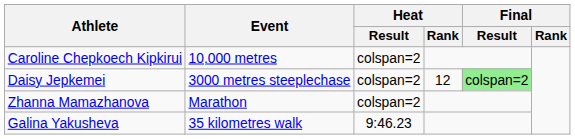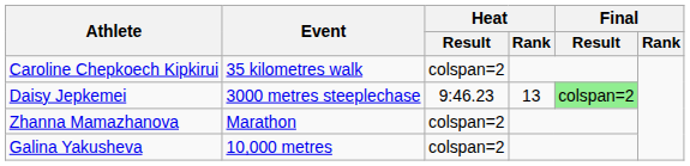 <table class="wikitable" style="font-size:90%">
 <tr>
 <th rowspan="2">Athlete</th>
 <th rowspan="2">Event</th>
 <th colspan="2">Heat</th>
 <th colspan="2">Final</th>
 </tr>
 <tr style="font-size:95%">
 <th>Result</th>
 <th>Rank</th>
 <th>Result</th>
 <th>Rank</th>
 </tr>
 <tr align=center>
 <td align=left><a href='#'>Caroline Chepkoech Kipkirui</a></td>
-<td align=left><a href='#'>10,000 metres</a></td>
+<td align=left><a href='#'>35 kilometres walk</a></td>
 <td>colspan=2</td>
 <td colspan=2></td>
 </tr>
 <tr align=center>
 <td align=left><a href='#'>Daisy Jepkemei</a></td>
 <td align=left><a href='#'>3000 metres steeplechase</a></td>
-<td>colspan=2</td>
-<td>12</td>
+<td>9:46.23 </td>
+<td>13</td>
 <td style="background: lightgreen;">colspan=2 </td>
 </tr>
 <tr align=center>
 <td align=left><a href='#'>Zhanna Mamazhanova</a></td>
 <td align=left><a href='#'>Marathon</a></td>
 <td>colspan=2</td>
 <td colspan=2></td>
 </tr>
 <tr align=center>
 <td align=left><a href='#'>Galina Yakusheva</a></td>
-<td align=left><a href='#'>35 kilometres walk</a></td>
-<td>9:46.23 </td>
+<td align=left><a href='#'>10,000 metres</a></td>
+<td>colspan=2</td>
 <td colspan=2></td>
 </tr>
 </table>
